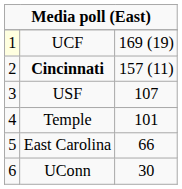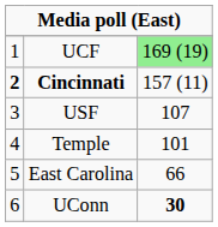 <table class="wikitable">
 <tr align="center">
 <td align="center" Colspan="3"><strong>Media poll (East)</strong></td>
 </tr>
 <tr align="center">
 </tr>
 <tr align="center">
-<td style="background: lightyellow;">1</td>
+<td>1</td>
 <td>UCF</td>
-<td>169 (19)</td>
+<td style="background: lightgreen;">169 (19)</td>
 </tr>
 <tr align="center">
-<td>2</td>
+<td><strong>2</strong></td>
 <td><strong>Cincinnati</strong></td>
 <td>157 (11)</td>
 </tr>
 <tr align="center">
 <td>3</td>
 <td>USF</td>
 <td>107</td>
 </tr>
 <tr align="center">
 <td>4</td>
 <td>Temple</td>
 <td>101</td>
 </tr>
 <tr align="center">
 <td>5</td>
 <td>East Carolina</td>
 <td>66</td>
 </tr>
 <tr align="center">
 <td>6</td>
 <td>UConn</td>
-<td>30</td>
+<td><strong>30</strong></td>
 </tr>
 </table>
